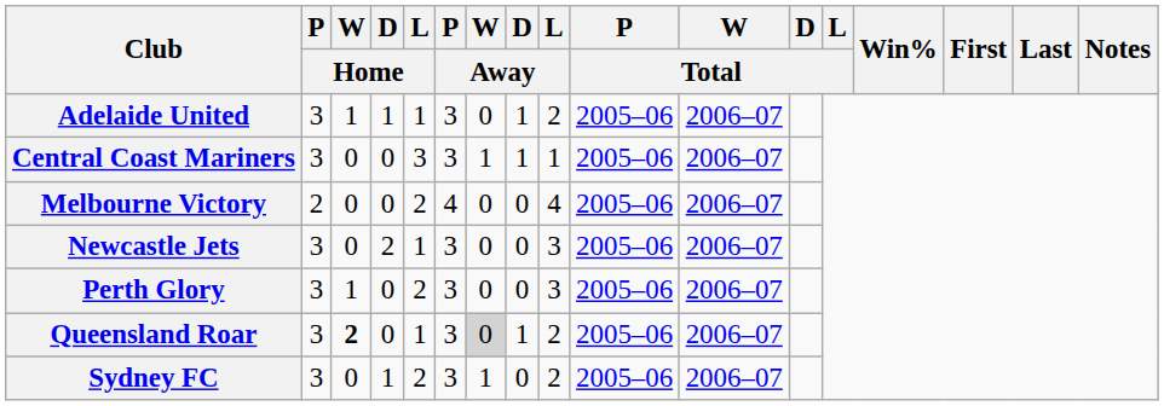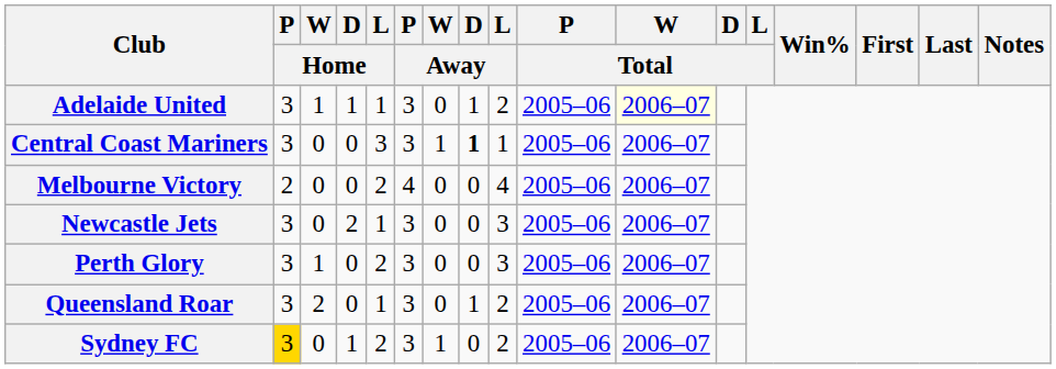 <table class="wikitable plainrowheaders sortable" style="text-align:center">
 <tr>
 <th scope=col rowspan=2>Club</th>
 <th scope=col>P</th>
 <th scope=col>W</th>
 <th scope=col>D</th>
 <th scope=col>L</th>
 <th scope=col>P</th>
 <th scope=col>W</th>
 <th scope=col>D</th>
 <th scope=col>L</th>
 <th scope=col>P</th>
 <th scope=col>W</th>
 <th scope=col>D</th>
 <th scope=col>L</th>
 <th rowspan=2 scope=col>Win%</th>
 <th rowspan=2 scope=col>First</th>
 <th rowspan=2 scope=col>Last</th>
 <th class="unsortable" rowspan=2 scope=col>Notes</th>
 </tr>
 <tr class="unsortable">
 <th colspan=4>Home</th>
 <th colspan=4>Away</th>
 <th colspan=4>Total</th>
 </tr>
 <tr>
 <th scope=row><a href='#'>Adelaide United</a></th>
 <td>3</td>
 <td>1</td>
 <td>1</td>
 <td>1</td>
 <td>3</td>
 <td>0</td>
 <td>1</td>
 <td>2<br></td>
 <td><a href='#'>2005–06</a></td>
-<td><a href='#'>2006–07</a></td>
+<td style="background: lightyellow;"><a href='#'>2006–07</a></td>
 <td></td>
 </tr>
 <tr>
 <th scope=row><a href='#'>Central Coast Mariners</a></th>
 <td>3</td>
 <td>0</td>
 <td>0</td>
 <td>3</td>
 <td>3</td>
 <td>1</td>
-<td>1</td>
+<td><strong>1</strong></td>
 <td>1<br></td>
 <td><a href='#'>2005–06</a></td>
 <td><a href='#'>2006–07</a></td>
 <td></td>
 </tr>
 <tr>
 <th scope=row><a href='#'>Melbourne Victory</a></th>
 <td>2</td>
 <td>0</td>
 <td>0</td>
 <td>2</td>
 <td>4</td>
 <td>0</td>
 <td>0</td>
 <td>4<br></td>
 <td><a href='#'>2005–06</a></td>
 <td><a href='#'>2006–07</a></td>
 <td></td>
 </tr>
 <tr>
 <th scope=row><a href='#'>Newcastle Jets</a></th>
 <td>3</td>
 <td>0</td>
 <td>2</td>
 <td>1</td>
 <td>3</td>
 <td>0</td>
 <td>0</td>
 <td>3<br></td>
 <td><a href='#'>2005–06</a></td>
 <td><a href='#'>2006–07</a></td>
 <td></td>
 </tr>
 <tr>
 <th scope=row><a href='#'>Perth Glory</a></th>
 <td>3</td>
 <td>1</td>
 <td>0</td>
 <td>2</td>
 <td>3</td>
 <td>0</td>
 <td>0</td>
 <td>3<br></td>
 <td><a href='#'>2005–06</a></td>
 <td><a href='#'>2006–07</a></td>
 <td></td>
 </tr>
 <tr>
 <th scope=row><a href='#'>Queensland Roar</a></th>
 <td>3</td>
-<td><strong>2</strong></td>
+<td>2</td>
 <td>0</td>
 <td>1</td>
 <td>3</td>
-<td style="background: lightgrey;">0</td>
+<td>0</td>
 <td>1</td>
 <td>2<br></td>
 <td><a href='#'>2005–06</a></td>
 <td><a href='#'>2006–07</a></td>
 <td></td>
 </tr>
 <tr>
 <th scope=row><a href='#'>Sydney FC</a></th>
-<td>3</td>
+<td style="background: gold;">3</td>
 <td>0</td>
 <td>1</td>
 <td>2</td>
 <td>3</td>
 <td>1</td>
 <td>0</td>
 <td>2<br></td>
 <td><a href='#'>2005–06</a></td>
 <td><a href='#'>2006–07</a></td>
 <td></td>
 </tr>
 </table>
